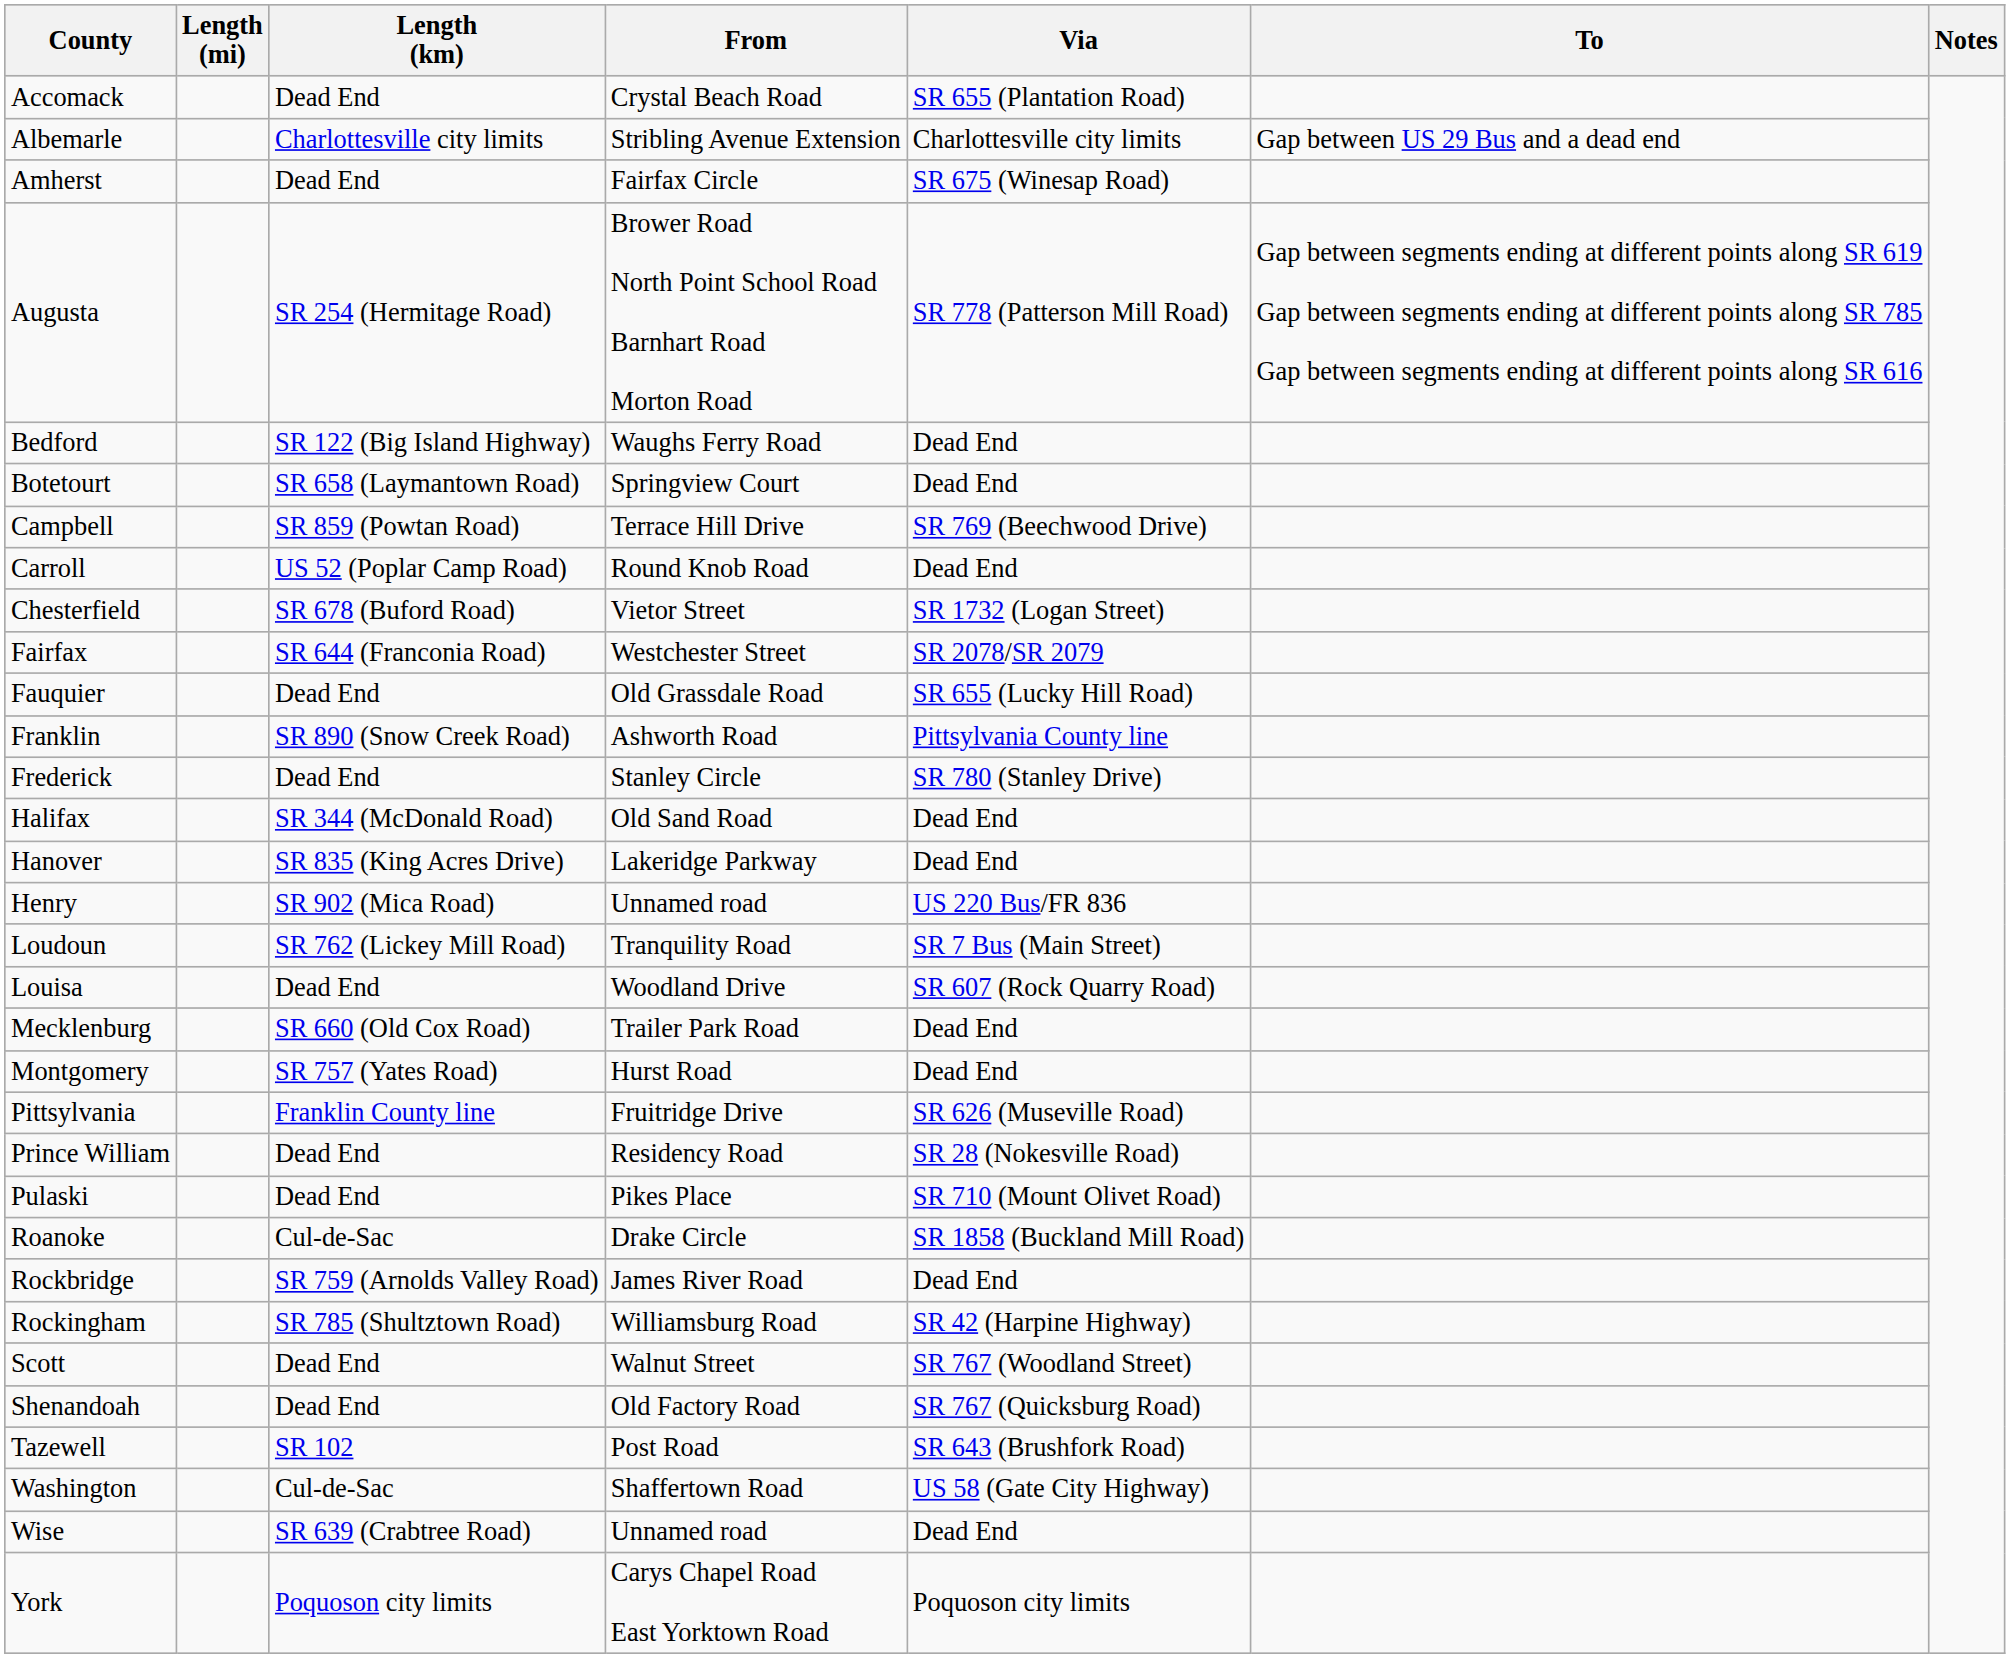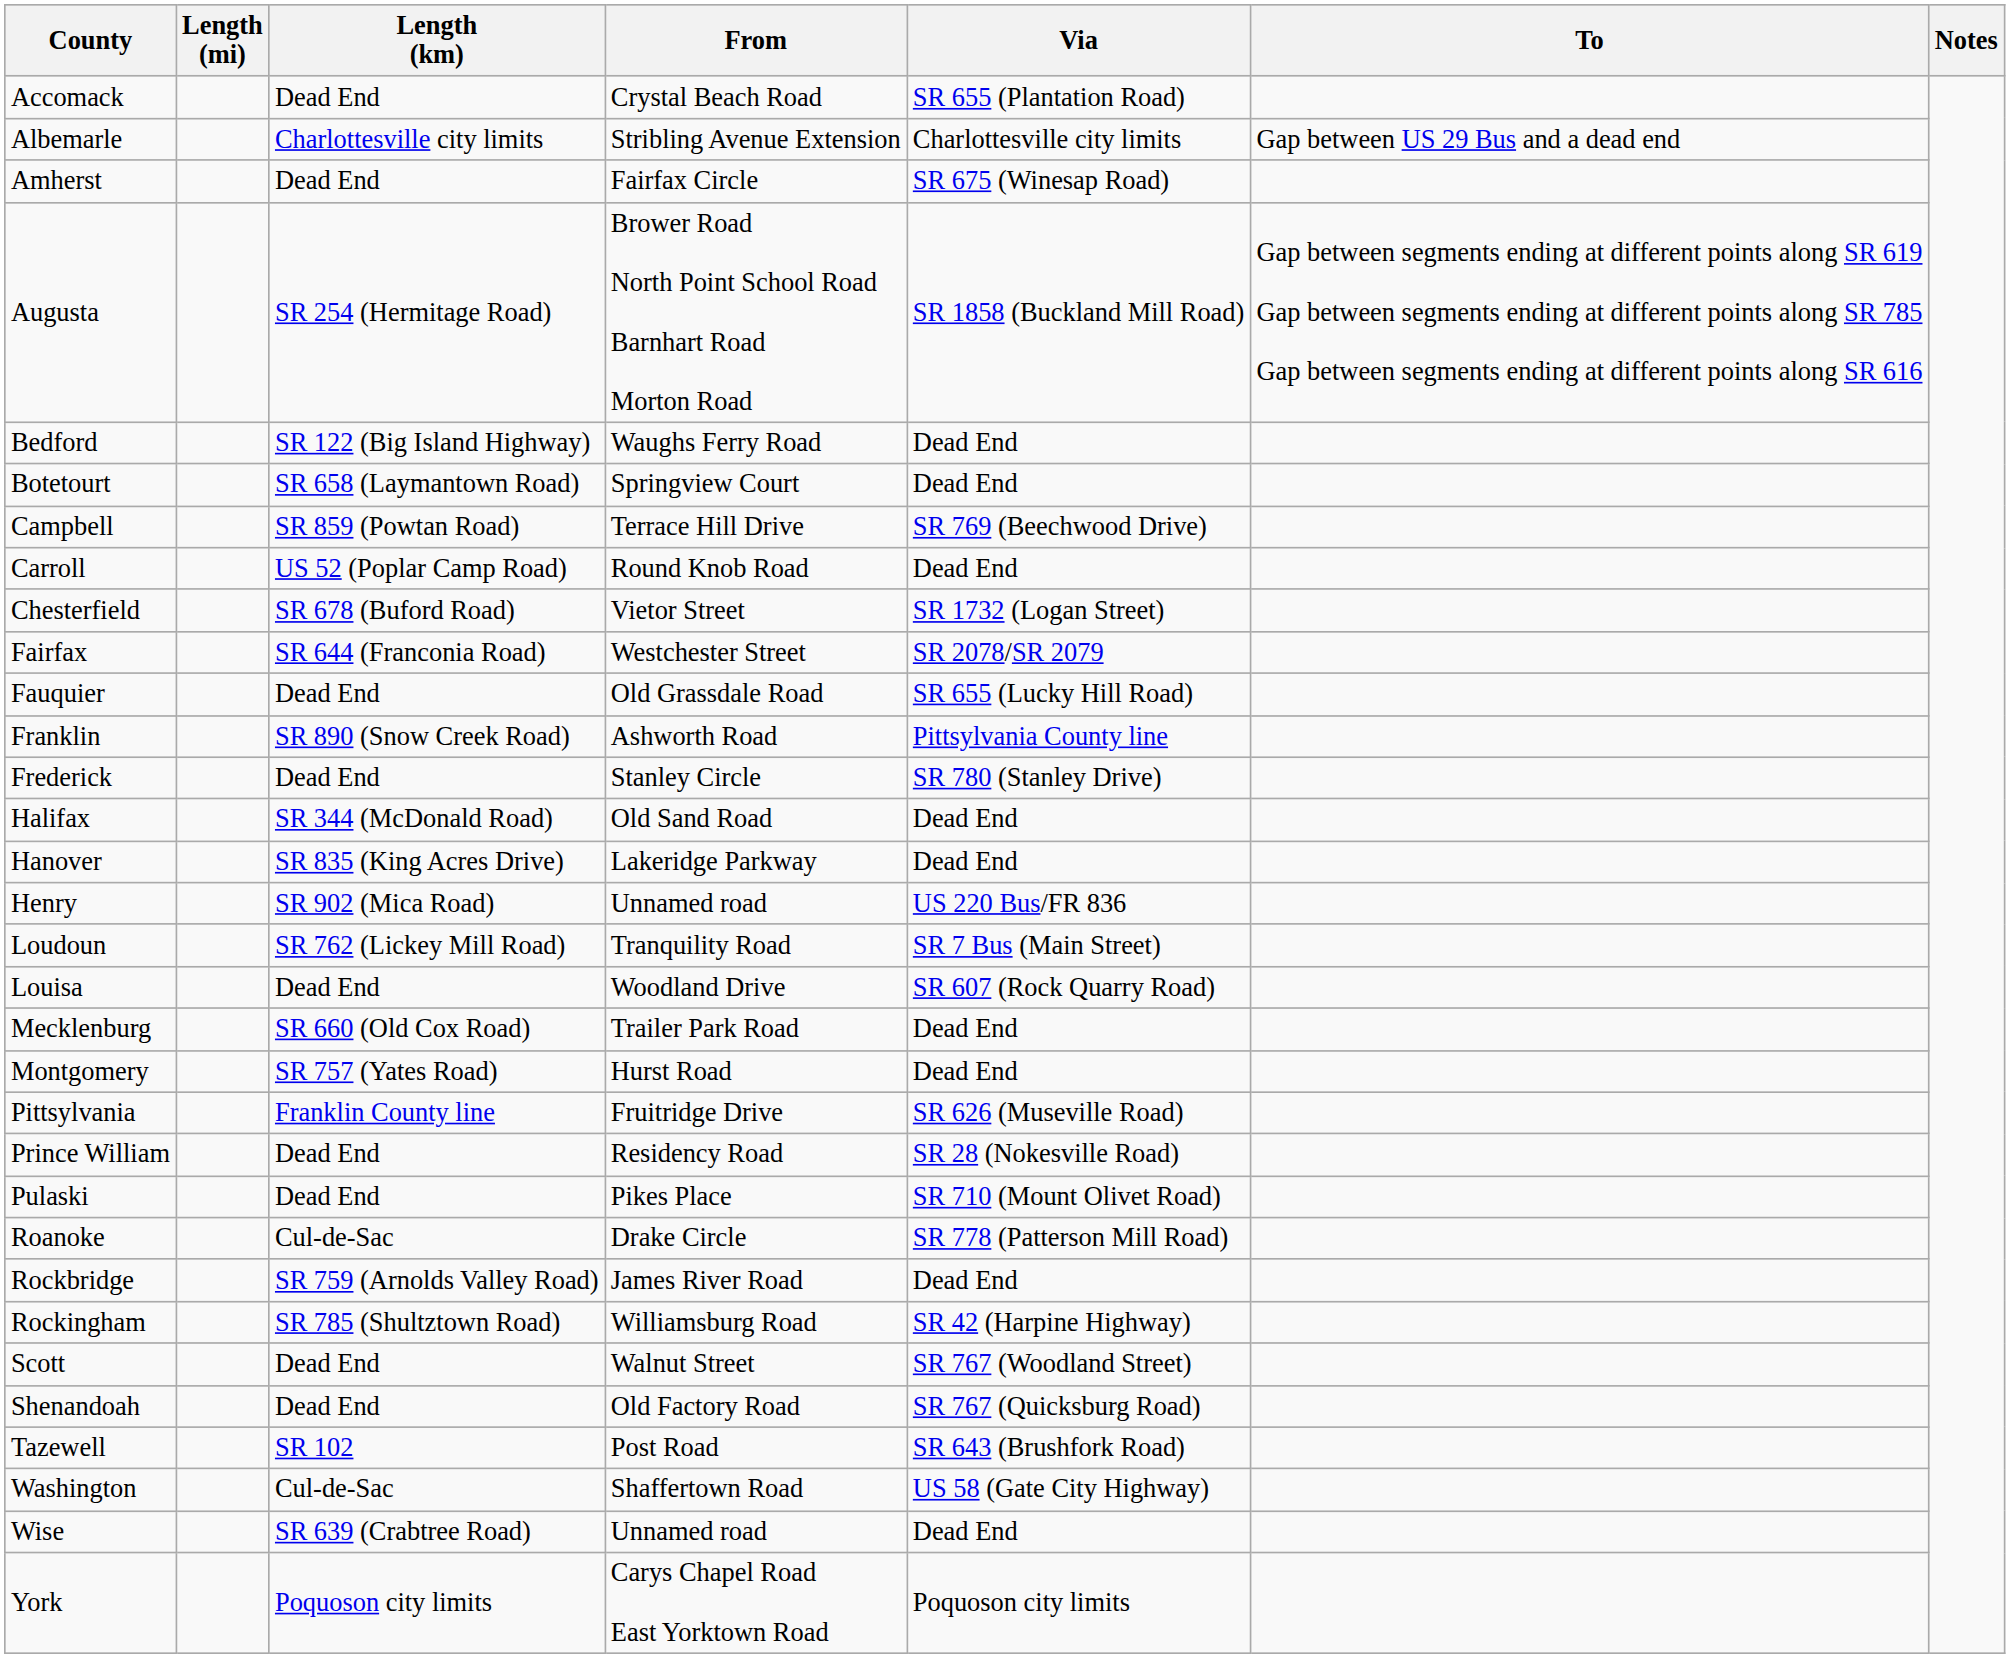 <table class="wikitable sortable">
 <tr>
 <th>County</th>
 <th>Length<br>(mi)</th>
 <th>Length<br>(km)</th>
 <th class="unsortable">From</th>
 <th class="unsortable">Via</th>
 <th class="unsortable">To</th>
 <th class="unsortable">Notes</th>
 </tr>
 <tr>
 <td id="Accomack">Accomack</td>
 <td></td>
 <td>Dead End</td>
 <td>Crystal Beach Road</td>
 <td><a href='#'>SR 655</a> (Plantation Road)</td>
 <td></td>
 </tr>
 <tr>
 <td id="Albemarle">Albemarle</td>
 <td></td>
 <td><a href='#'>Charlottesville</a> city limits</td>
 <td>Stribling Avenue Extension</td>
 <td>Charlottesville city limits</td>
 <td>Gap between <a href='#'>US 29 Bus</a> and a dead end<br> </td>
 </tr>
 <tr>
 <td id="Amherst">Amherst</td>
 <td></td>
 <td>Dead End</td>
 <td>Fairfax Circle</td>
 <td><a href='#'>SR 675</a> (Winesap Road)</td>
 <td><br> </td>
 </tr>
 <tr>
 <td id="Augusta">Augusta</td>
 <td></td>
 <td><a href='#'>SR 254</a> (Hermitage Road)</td>
 <td>Brower Road<br><br>North Point School Road<br><br>Barnhart Road<br><br>Morton Road</td>
-<td><a href='#'>SR 778</a> (Patterson Mill Road)</td>
+<td><a href='#'>SR 1858</a> (Buckland Mill Road)</td>
 <td>Gap between segments ending at different points along <a href='#'>SR 619</a><br><br>Gap between segments ending at different points along <a href='#'>SR 785</a><br><br>Gap between segments ending at different points along <a href='#'>SR 616</a><br></td>
 </tr>
 <tr>
 <td id="Bedford">Bedford</td>
 <td></td>
 <td><a href='#'>SR 122</a> (Big Island Highway)</td>
 <td>Waughs Ferry Road</td>
 <td>Dead End</td>
 <td><br></td>
 </tr>
 <tr>
 <td id="Botetourt">Botetourt</td>
 <td></td>
 <td><a href='#'>SR 658</a> (Laymantown Road)</td>
 <td>Springview Court</td>
 <td>Dead End</td>
 <td><br>  </td>
 </tr>
 <tr>
 <td id="Campbell">Campbell</td>
 <td></td>
 <td><a href='#'>SR 859</a> (Powtan Road)</td>
 <td>Terrace Hill Drive</td>
 <td><a href='#'>SR 769</a> (Beechwood Drive)</td>
 <td><br></td>
 </tr>
 <tr>
 <td id="Carroll">Carroll</td>
 <td></td>
 <td><a href='#'>US 52</a> (Poplar Camp Road)</td>
 <td>Round Knob Road</td>
 <td>Dead End</td>
 <td><br> </td>
 </tr>
 <tr>
 <td id="Chesterfield">Chesterfield</td>
 <td></td>
 <td><a href='#'>SR 678</a> (Buford Road)</td>
 <td>Vietor Street</td>
 <td><a href='#'>SR 1732</a> (Logan Street)</td>
 <td><br>      </td>
 </tr>
 <tr>
 <td id="Fairfax">Fairfax</td>
 <td></td>
 <td><a href='#'>SR 644</a> (Franconia Road)</td>
 <td>Westchester Street</td>
 <td><a href='#'>SR 2078</a>/<a href='#'>SR 2079</a></td>
 <td></td>
 </tr>
 <tr>
 <td id="Fauquier">Fauquier</td>
 <td></td>
 <td>Dead End</td>
 <td>Old Grassdale Road</td>
 <td><a href='#'>SR 655</a> (Lucky Hill Road)</td>
 <td><br> </td>
 </tr>
 <tr>
 <td id="Franklin">Franklin</td>
 <td></td>
 <td><a href='#'>SR 890</a> (Snow Creek Road)</td>
 <td>Ashworth Road</td>
 <td><a href='#'>Pittsylvania County line</a></td>
 <td></td>
 </tr>
 <tr>
 <td id="Frederick">Frederick</td>
 <td></td>
 <td>Dead End</td>
 <td>Stanley Circle</td>
 <td><a href='#'>SR 780</a> (Stanley Drive)</td>
 <td><br>     </td>
 </tr>
 <tr>
 <td id="Halifax">Halifax</td>
 <td></td>
 <td><a href='#'>SR 344</a> (McDonald Road)</td>
 <td>Old Sand Road</td>
 <td>Dead End</td>
 <td></td>
 </tr>
 <tr>
 <td id="Hanover">Hanover</td>
 <td></td>
 <td><a href='#'>SR 835</a> (King Acres Drive)</td>
 <td>Lakeridge Parkway</td>
 <td>Dead End</td>
 <td><br></td>
 </tr>
 <tr>
 <td id="Henry">Henry</td>
 <td></td>
 <td><a href='#'>SR 902</a> (Mica Road)</td>
 <td>Unnamed road</td>
 <td><a href='#'>US 220 Bus</a>/FR 836</td>
 <td><br>       </td>
 </tr>
 <tr>
 <td id="Loudoun">Loudoun</td>
 <td></td>
 <td><a href='#'>SR 762</a> (Lickey Mill Road)</td>
 <td>Tranquility Road</td>
 <td><a href='#'>SR 7 Bus</a> (Main Street)</td>
 <td></td>
 </tr>
 <tr>
 <td id="Louisa">Louisa</td>
 <td></td>
 <td>Dead End</td>
 <td>Woodland Drive</td>
 <td><a href='#'>SR 607</a> (Rock Quarry Road)</td>
 <td><br>  </td>
 </tr>
 <tr>
 <td id="Mecklenburg">Mecklenburg</td>
 <td></td>
 <td><a href='#'>SR 660</a> (Old Cox Road)</td>
 <td>Trailer Park Road</td>
 <td>Dead End</td>
 <td><br></td>
 </tr>
 <tr>
 <td id="Montgomery">Montgomery</td>
 <td></td>
 <td><a href='#'>SR 757</a> (Yates Road)</td>
 <td>Hurst Road</td>
 <td>Dead End</td>
 <td><br>       </td>
 </tr>
 <tr>
 <td id="Pittsylvania">Pittsylvania</td>
 <td></td>
 <td><a href='#'>Franklin County line</a></td>
 <td>Fruitridge Drive</td>
 <td><a href='#'>SR 626</a> (Museville Road)</td>
 <td><br>  </td>
 </tr>
 <tr>
 <td id="Prince William">Prince William</td>
 <td></td>
 <td>Dead End</td>
 <td>Residency Road</td>
 <td><a href='#'>SR 28</a> (Nokesville Road)</td>
 <td></td>
 </tr>
 <tr>
 <td id="Pulaski">Pulaski</td>
 <td></td>
 <td>Dead End</td>
 <td>Pikes Place</td>
 <td><a href='#'>SR 710</a> (Mount Olivet Road)</td>
 <td><br> </td>
 </tr>
 <tr>
 <td id="Roanoke">Roanoke</td>
 <td></td>
 <td>Cul-de-Sac</td>
 <td>Drake Circle</td>
-<td><a href='#'>SR 1858</a> (Buckland Mill Road)</td>
+<td><a href='#'>SR 778</a> (Patterson Mill Road)</td>
 <td></td>
 </tr>
 <tr>
 <td id="Rockbridge">Rockbridge</td>
 <td></td>
 <td><a href='#'>SR 759</a> (Arnolds Valley Road)</td>
 <td>James River Road</td>
 <td>Dead End</td>
 <td></td>
 </tr>
 <tr>
 <td id="Rockingham">Rockingham</td>
 <td></td>
 <td><a href='#'>SR 785</a> (Shultztown Road)</td>
 <td>Williamsburg Road</td>
 <td><a href='#'>SR 42</a> (Harpine Highway)</td>
 <td><br></td>
 </tr>
 <tr>
 <td id="Scott">Scott</td>
 <td></td>
 <td>Dead End</td>
 <td>Walnut Street</td>
 <td><a href='#'>SR 767</a> (Woodland Street)</td>
 <td></td>
 </tr>
 <tr>
 <td id="Shenandoah">Shenandoah</td>
 <td></td>
 <td>Dead End</td>
 <td>Old Factory Road</td>
 <td><a href='#'>SR 767</a> (Quicksburg Road)</td>
 <td><br>     </td>
 </tr>
 <tr>
 <td id="Tazewell">Tazewell</td>
 <td></td>
 <td><a href='#'>SR 102</a></td>
 <td>Post Road</td>
 <td><a href='#'>SR 643</a> (Brushfork Road)</td>
 <td><br></td>
 </tr>
 <tr>
 <td id="Washington">Washington</td>
 <td></td>
 <td>Cul-de-Sac</td>
 <td>Shaffertown Road</td>
 <td><a href='#'>US 58</a> (Gate City Highway)</td>
 <td><br></td>
 </tr>
 <tr>
 <td id="Wise">Wise</td>
 <td></td>
 <td><a href='#'>SR 639</a> (Crabtree Road)</td>
 <td>Unnamed road</td>
 <td>Dead End</td>
 <td><br></td>
 </tr>
 <tr>
 <td id="York">York</td>
 <td></td>
 <td><a href='#'>Poquoson</a> city limits</td>
 <td>Carys Chapel Road<br><br>East Yorktown Road</td>
 <td>Poquoson city limits</td>
 <td></td>
 </tr>
 </table>
